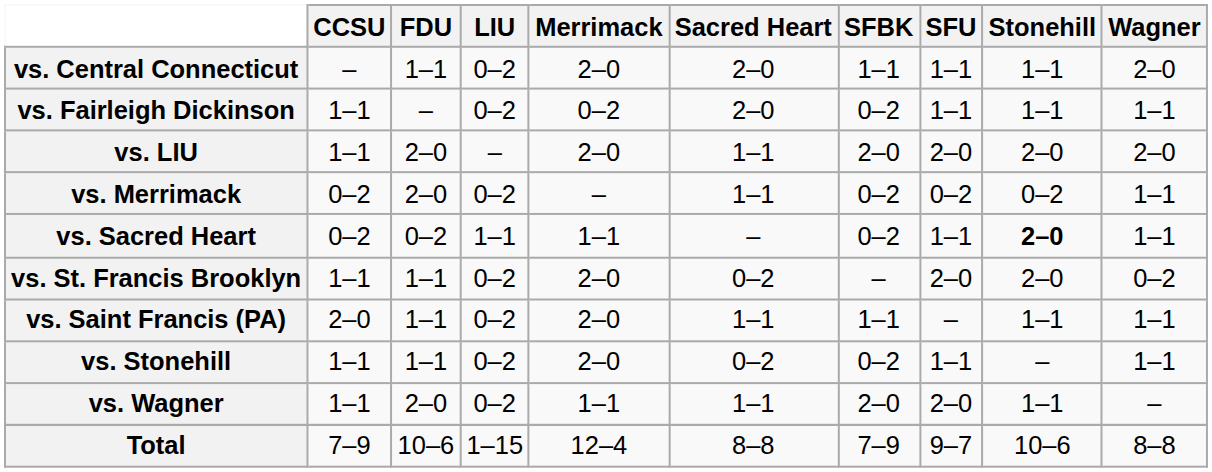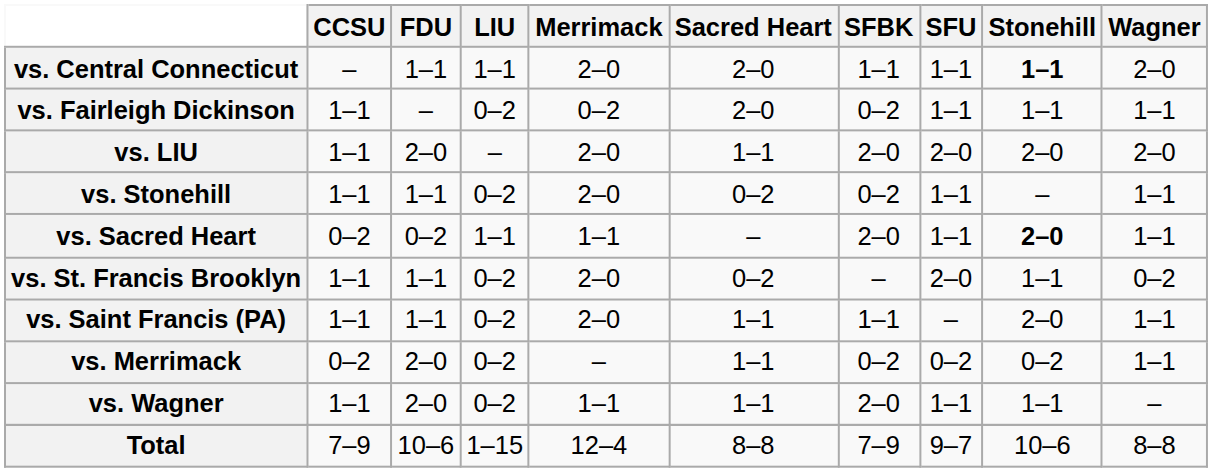 <table class="wikitable" style="white-space:nowrap;font-size:80%;">
 <tr>
 <th colspan=1 style="background:white; border-top-style:hidden; border-left-style:hidden;"   width=75> </th>
 <th>CCSU</th>
 <th>FDU</th>
 <th>LIU</th>
 <th>Merrimack</th>
 <th>Sacred Heart</th>
 <th>SFBK</th>
 <th>SFU</th>
 <th>Stonehill</th>
 <th>Wagner</th>
 </tr>
 <tr style="text-align:center;">
 <th>vs. Central Connecticut</th>
 <td>–</td>
 <td>1–1</td>
-<td>0–2</td>
+<td>1–1</td>
 <td>2–0</td>
 <td>2–0</td>
 <td>1–1</td>
 <td>1–1</td>
-<td>1–1</td>
+<td><strong>1–1</strong></td>
 <td>2–0</td>
 </tr>
 <tr style="text-align:center;">
 <th>vs. Fairleigh Dickinson</th>
 <td>1–1</td>
 <td>–</td>
 <td>0–2</td>
 <td>0–2</td>
 <td>2–0</td>
 <td>0–2</td>
 <td>1–1</td>
 <td>1–1</td>
 <td>1–1</td>
 </tr>
 <tr style="text-align:center;">
 <th>vs. LIU</th>
 <td>1–1</td>
 <td>2–0</td>
 <td>–</td>
 <td>2–0</td>
 <td>1–1</td>
 <td>2–0</td>
 <td>2–0</td>
 <td>2–0</td>
 <td>2–0</td>
 </tr>
 <tr style="text-align:center;">
-<th>vs. Merrimack</th>
+<th>vs. Stonehill</th>
+<td>1–1</td>
+<td>1–1</td>
 <td>0–2</td>
 <td>2–0</td>
 <td>0–2</td>
+<td>0–2</td>
+<td>1–1</td>
 <td>–</td>
-<td>1–1</td>
-<td>0–2</td>
-<td>0–2</td>
-<td>0–2</td>
 <td>1–1</td>
 </tr>
 <tr style="text-align:center;">
 <th>vs. Sacred Heart</th>
 <td>0–2</td>
 <td>0–2</td>
 <td>1–1</td>
 <td>1–1</td>
 <td>–</td>
-<td>0–2</td>
+<td>2–0</td>
 <td>1–1</td>
 <td><strong>2–0</strong></td>
 <td>1–1</td>
 </tr>
 <tr style="text-align:center;">
 <th>vs. St. Francis Brooklyn</th>
 <td>1–1</td>
 <td>1–1</td>
 <td>0–2</td>
 <td>2–0</td>
 <td>0–2</td>
 <td>–</td>
 <td>2–0</td>
-<td>2–0</td>
+<td>1–1</td>
 <td>0–2</td>
 </tr>
 <tr style="text-align:center;">
 <th>vs. Saint Francis (PA)</th>
-<td>2–0</td>
+<td>1–1</td>
 <td>1–1</td>
 <td>0–2</td>
 <td>2–0</td>
 <td>1–1</td>
 <td>1–1</td>
 <td>–</td>
-<td>1–1</td>
+<td>2–0</td>
 <td>1–1</td>
 </tr>
 <tr style="text-align:center;">
-<th>vs. Stonehill</th>
-<td>1–1</td>
-<td>1–1</td>
+<th>vs. Merrimack</th>
 <td>0–2</td>
 <td>2–0</td>
 <td>0–2</td>
+<td>–</td>
+<td>1–1</td>
 <td>0–2</td>
-<td>1–1</td>
-<td>–</td>
+<td>0–2</td>
+<td>0–2</td>
 <td>1–1</td>
 </tr>
 <tr style="text-align:center;">
 <th>vs. Wagner</th>
 <td>1–1</td>
 <td>2–0</td>
 <td>0–2</td>
 <td>1–1</td>
 <td>1–1</td>
 <td>2–0</td>
-<td>2–0</td>
+<td>1–1</td>
 <td>1–1</td>
 <td>–</td>
 </tr>
 <tr>
 </tr>
 <tr style="text-align:center;">
 <th>Total</th>
 <td>7–9</td>
 <td>10–6</td>
 <td>1–15</td>
 <td>12–4</td>
 <td>8–8</td>
 <td>7–9</td>
 <td>9–7</td>
 <td>10–6</td>
 <td>8–8</td>
 </tr>
 </table>
